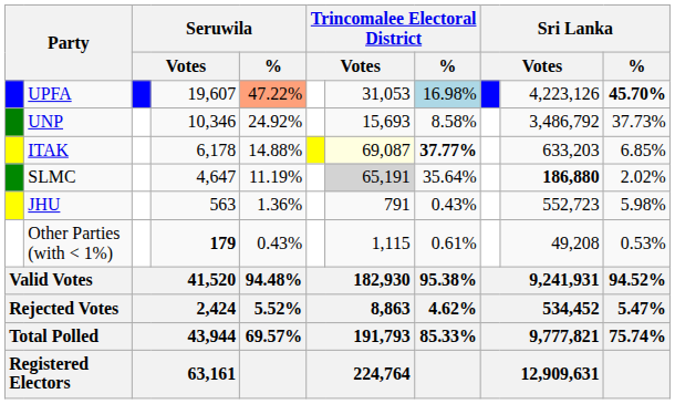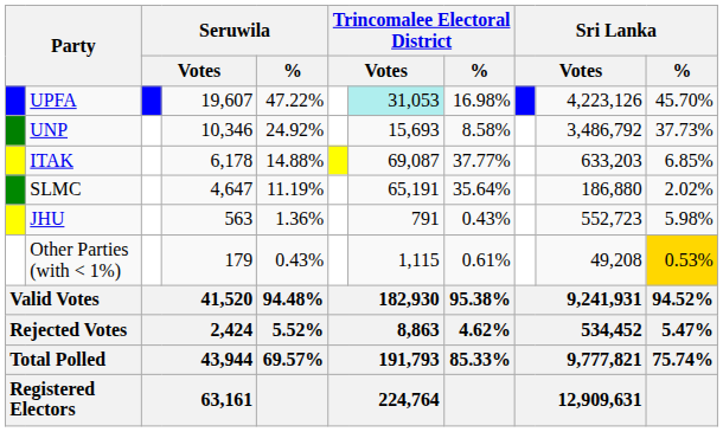 <table class="wikitable">
 <tr>
 <th colspan="2" width="144px"rowspan="2">Party</th>
 <th colspan="3" width="216px">Seruwila</th>
 <th colspan="3" width="216px"><a href='#'>Trincomalee Electoral District</a></th>
 <th colspan="3" width="216px">Sri Lanka</th>
 </tr>
 <tr>
 <th colspan="2" width="144px">Votes</th>
 <th>%</th>
 <th colspan="2" width="144px">Votes</th>
 <th>%</th>
 <th colspan="2" width="144px">Votes</th>
 <th>%</th>
 </tr>
 <tr>
 <td style="background-color:blue;" width="10px"></td>
 <td style="text-align:left;"><a href='#'>UPFA</a></td>
 <td style="background-color:blue;" width="10px"></td>
 <td style="text-align:right;">19,607</td>
-<td style="background: lightsalmon; text-align:right;">47.22%</td>
+<td style="text-align:right;">47.22%</td>
 <td style="background-color:white;" width="10px"></td>
-<td style="text-align:right;">31,053</td>
-<td style="background: lightblue; text-align:right;">16.98%</td>
+<td style="background: paleturquoise; text-align:right;">31,053</td>
+<td style="text-align:right;">16.98%</td>
 <td style="background-color:blue;" width="10px"></td>
 <td style="text-align:right;">4,223,126</td>
-<td style="text-align:right;"><strong>45.70%</strong></td>
+<td style="text-align:right;">45.70%</td>
 </tr>
 <tr>
 <td style="background-color:green;" width="10px"></td>
 <td style="text-align:left;"><a href='#'>UNP</a></td>
 <td style="background-color:white;" width="10px"></td>
 <td style="text-align:right;">10,346</td>
 <td style="text-align:right;">24.92%</td>
 <td style="background-color:white;" width="10px"></td>
 <td style="text-align:right;">15,693</td>
 <td style="text-align:right;">8.58%</td>
 <td style="background-color:white;" width="10px"></td>
 <td style="text-align:right;">3,486,792</td>
 <td style="text-align:right;">37.73%</td>
 </tr>
 <tr>
 <td style="background-color:yellow;" width="10px"></td>
 <td style="text-align:left;"><a href='#'>ITAK</a></td>
 <td style="background-color:white;" width="10px"></td>
 <td style="text-align:right;">6,178</td>
 <td style="text-align:right;">14.88%</td>
 <td style="background-color:yellow;" width="10px"></td>
-<td style="background: lightyellow; text-align:right;">69,087</td>
-<td style="text-align:right;"><strong>37.77%</strong></td>
+<td style="text-align:right;">69,087</td>
+<td style="text-align:right;">37.77%</td>
 <td style="background-color:white;" width="10px"></td>
 <td style="text-align:right;">633,203</td>
 <td style="text-align:right;">6.85%</td>
 </tr>
 <tr>
 <td style="background-color:#008800;" width="10px"></td>
 <td style="text-align:left;">SLMC</td>
 <td style="background-color:white;" width="10px"></td>
 <td style="text-align:right;">4,647</td>
 <td style="text-align:right;">11.19%</td>
 <td style="background-color:white;" width="10px"></td>
-<td style="background: lightgrey; text-align:right;">65,191</td>
+<td style="text-align:right;">65,191</td>
 <td style="text-align:right;">35.64%</td>
 <td style="background-color:white;" width="10px"></td>
-<td style="text-align:right;"><strong>186,880</strong></td>
+<td style="text-align:right;">186,880</td>
 <td style="text-align:right;">2.02%</td>
 </tr>
 <tr>
 <td style="background-color:yellow;" width="10px"></td>
 <td style="text-align:left;"><a href='#'>JHU</a></td>
 <td style="background-color:white;" width="10px"></td>
 <td style="text-align:right;">563</td>
 <td style="text-align:right;">1.36%</td>
 <td style="background-color:white;" width="10px"></td>
 <td style="text-align:right;">791</td>
 <td style="text-align:right;">0.43%</td>
 <td style="background-color:white;" width="10px"></td>
 <td style="text-align:right;">552,723</td>
 <td style="text-align:right;">5.98%</td>
 </tr>
 <tr>
 <td style="background-color:white;" width="10px"></td>
 <td style="text-align:left;">Other Parties (with < 1%)</td>
 <td style="background-color:white;" width="10px"></td>
-<td style="text-align:right;"><strong>179</strong></td>
+<td style="text-align:right;">179</td>
 <td style="text-align:right;">0.43%</td>
 <td style="background-color:white;" width="10px"></td>
 <td style="text-align:right;">1,115</td>
 <td style="text-align:right;">0.61%</td>
 <td style="background-color:white;" width="10px"></td>
 <td style="text-align:right;">49,208</td>
-<td style="text-align:right;">0.53%</td>
+<td style="background: gold; text-align:right;">0.53%</td>
 </tr>
 <tr>
 <th colspan="2" width="144px"style="text-align:left;">Valid Votes</th>
 <th style="text-align:right;"colspan="2" width="144px">41,520</th>
 <th style="text-align:right;">94.48%</th>
 <th style="text-align:right;"colspan="2" width="144px">182,930</th>
 <th style="text-align:right;">95.38%</th>
 <th style="text-align:right;"colspan="2" width="144px">9,241,931</th>
 <th style="text-align:right;">94.52%</th>
 </tr>
 <tr>
 <th colspan="2" width="144px"style="text-align:left;">Rejected Votes</th>
 <th style="text-align:right;"colspan="2" width="144px">2,424</th>
 <th style="text-align:right;">5.52%</th>
 <th style="text-align:right;"colspan="2" width="144px">8,863</th>
 <th style="text-align:right;">4.62%</th>
 <th style="text-align:right;"colspan="2" width="144px">534,452</th>
 <th style="text-align:right;">5.47%</th>
 </tr>
 <tr>
 <th colspan="2" width="144px"style="text-align:left;">Total Polled</th>
 <th style="text-align:right;"colspan="2" width="144px">43,944</th>
 <th style="text-align:right;">69.57%</th>
 <th style="text-align:right;"colspan="2" width="144px">191,793</th>
 <th style="text-align:right;">85.33%</th>
 <th style="text-align:right;"colspan="2" width="144px">9,777,821</th>
 <th style="text-align:right;">75.74%</th>
 </tr>
 <tr>
 <th colspan="2" width="144px"style="text-align:left;">Registered Electors</th>
 <th style="text-align:right;"colspan="2" width="144px">63,161</th>
 <th></th>
 <th style="text-align:right;"colspan="2" width="144px">224,764</th>
 <th></th>
 <th style="text-align:right;"colspan="2" width="144px">12,909,631</th>
 <th></th>
 </tr>
 </table>
